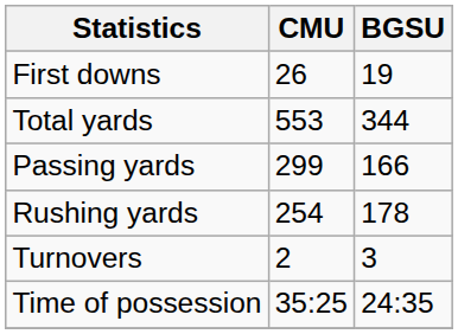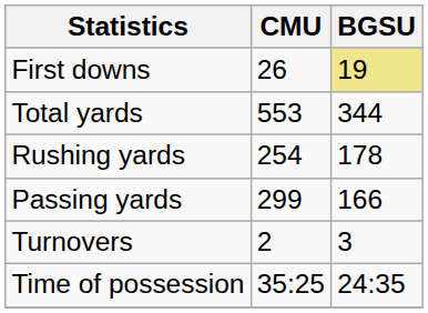 <table class="wikitable">
 <tr>
 <th>Statistics</th>
 <th>CMU</th>
 <th>BGSU</th>
 </tr>
 <tr>
 <td>First downs</td>
 <td>26</td>
-<td>19</td>
+<td style="background: khaki;">19</td>
 </tr>
 <tr>
 <td>Total yards</td>
 <td>553</td>
 <td>344</td>
 </tr>
 <tr>
+<td>Rushing yards</td>
+<td>254</td>
+<td>178</td>
+</tr>
+<tr>
 <td>Passing yards</td>
 <td>299</td>
 <td>166</td>
-</tr>
-<tr>
-<td>Rushing yards</td>
-<td>254</td>
-<td>178</td>
 </tr>
 <tr>
 <td>Turnovers</td>
 <td>2</td>
 <td>3</td>
 </tr>
 <tr>
 <td>Time of possession</td>
 <td>35:25</td>
 <td>24:35</td>
 </tr>
 <tr>
 </tr>
 </table>
